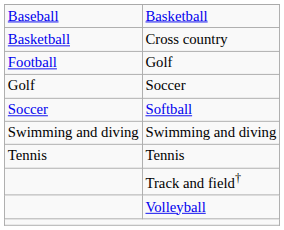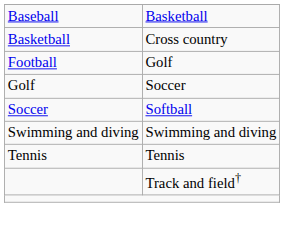 <table class="wikitable" style= " ">
 <tr>
 </tr>
 <tr>
 <td><a href='#'>Baseball</a></td>
 <td><a href='#'>Basketball</a></td>
 </tr>
 <tr>
 <td><a href='#'>Basketball</a></td>
 <td>Cross country</td>
 </tr>
 <tr>
 <td><a href='#'>Football</a></td>
 <td>Golf</td>
 </tr>
 <tr>
 <td>Golf</td>
 <td>Soccer</td>
 </tr>
 <tr>
 <td><a href='#'>Soccer</a></td>
 <td><a href='#'>Softball</a></td>
 </tr>
 <tr>
 <td>Swimming and diving</td>
 <td>Swimming and diving</td>
 </tr>
 <tr>
 <td>Tennis</td>
 <td>Tennis</td>
 </tr>
 <tr>
 <td></td>
 <td>Track and field<sup>†</sup></td>
 </tr>
 <tr>
-<td></td>
-<td><a href='#'>Volleyball</a></td>
-</tr>
-<tr>
 <td colspan="2"></td>
 </tr>
 </table>
